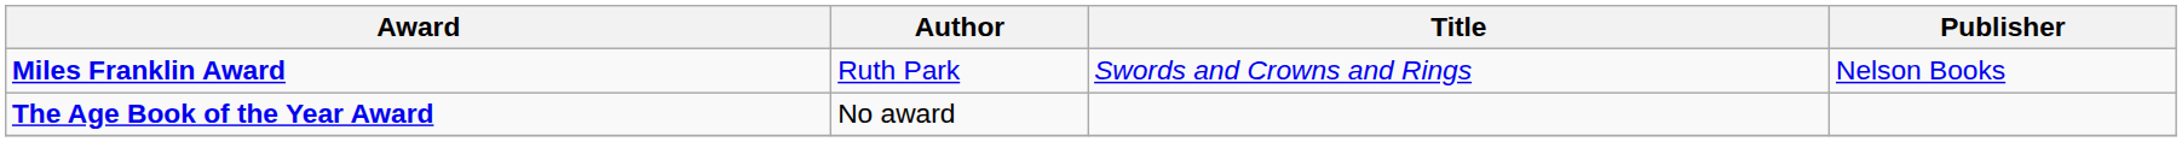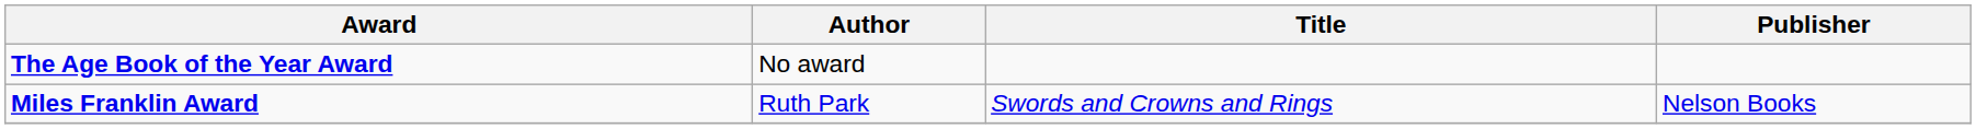 <table class="wikitable" width=100%>
 <tr>
 <th>Award</th>
 <th>Author</th>
 <th>Title</th>
 <th>Publisher</th>
 </tr>
 <tr>
+<td><strong><a href='#'>The Age Book of the Year Award</a></strong></td>
+<td>No award</td>
+<td></td>
+<td></td>
+</tr>
+<tr>
 <td><strong><a href='#'>Miles Franklin Award</a></strong></td>
 <td><a href='#'>Ruth Park</a></td>
 <td><em><a href='#'>Swords and Crowns and Rings</a></em></td>
 <td><a href='#'>Nelson Books</a></td>
 </tr>
 <tr>
-<td><strong><a href='#'>The Age Book of the Year Award</a></strong></td>
-<td>No award</td>
-<td></td>
-<td></td>
-</tr>
-<tr>
 </tr>
 </table>
